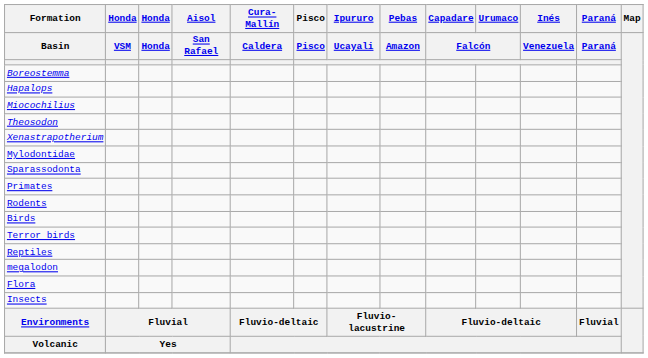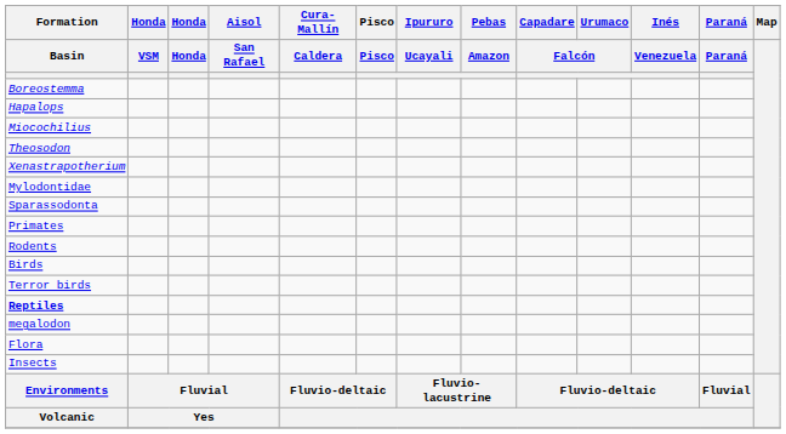 <table class="wikitable" style="font-size: 70%">
 <tr>
 <th>Formation</th>
 <th><a href='#'>Honda</a></th>
 <th><a href='#'>Honda</a></th>
 <th><a href='#'>Aisol</a></th>
 <th><a href='#'>Cura-Mallín</a></th>
 <th>Pisco</th>
 <th><a href='#'>Ipururo</a></th>
 <th><a href='#'>Pebas</a></th>
 <th><a href='#'>Capadare</a></th>
 <th><a href='#'>Urumaco</a></th>
 <th><a href='#'>Inés</a></th>
 <th><a href='#'>Paraná</a></th>
 <th>Map</th>
 </tr>
 <tr>
 <th>Basin</th>
 <th><a href='#'>VSM</a></th>
 <th><a href='#'>Honda</a></th>
 <th><a href='#'>San Rafael</a></th>
 <th><a href='#'>Caldera</a></th>
 <th><a href='#'>Pisco</a></th>
 <th><a href='#'>Ucayali</a></th>
 <th><a href='#'>Amazon</a></th>
 <th colspan=2><a href='#'>Falcón</a></th>
 <th><a href='#'>Venezuela</a></th>
 <th><a href='#'>Paraná</a></th>
 <th align=center rowspan=17></th>
 </tr>
 <tr>
 <th></th>
 <th></th>
 <th></th>
 <th></th>
 <th></th>
 <th colspan=3></th>
 <th colspan=3></th>
 <th></th>
 </tr>
 <tr>
 <td><em><a href='#'>Boreostemma</a></em></td>
 <td align=center></td>
 <td align=center></td>
 <td align=center></td>
 <td align=center></td>
 <td align=center></td>
 <td align=center></td>
 <td align=center></td>
 <td align=center></td>
 <td align=center></td>
 <td align=center></td>
 <td></td>
 </tr>
 <tr>
 <td><em><a href='#'>Hapalops</a></em></td>
 <td align=center></td>
 <td align=center></td>
 <td align=center></td>
 <td align=center></td>
 <td align=center></td>
 <td align=center></td>
 <td align=center></td>
 <td align=center></td>
 <td align=center></td>
 <td align=center></td>
 <td></td>
 </tr>
 <tr>
 <td><em><a href='#'>Miocochilius</a></em></td>
 <td align=center></td>
 <td align=center></td>
 <td align=center></td>
 <td align=center></td>
 <td align=center></td>
 <td align=center></td>
 <td align=center></td>
 <td align=center></td>
 <td align=center></td>
 <td align=center></td>
 <td></td>
 </tr>
 <tr>
 <td><em><a href='#'>Theosodon</a></em></td>
 <td align=center></td>
 <td align=center></td>
 <td align=center></td>
 <td align=center></td>
 <td align=center></td>
 <td align=center></td>
 <td align=center></td>
 <td align=center></td>
 <td align=center></td>
 <td align=center></td>
 <td></td>
 </tr>
 <tr>
 <td><em><a href='#'>Xenastrapotherium</a></em></td>
 <td align=center></td>
 <td align=center></td>
 <td align=center></td>
 <td align=center></td>
 <td align=center></td>
 <td align=center></td>
 <td align=center></td>
 <td align=center></td>
 <td align=center></td>
 <td align=center></td>
 <td></td>
 </tr>
 <tr>
 <td><a href='#'>Mylodontidae</a></td>
 <td align=center></td>
 <td align=center></td>
 <td align=center></td>
 <td align=center></td>
 <td align=center></td>
 <td align=center></td>
 <td align=center></td>
 <td align=center></td>
 <td align=center></td>
 <td align=center></td>
 <td></td>
 </tr>
 <tr>
 <td><a href='#'>Sparassodonta</a></td>
 <td align=center></td>
 <td align=center></td>
 <td align=center></td>
 <td align=center></td>
 <td align=center></td>
 <td align=center></td>
 <td align=center></td>
 <td align=center></td>
 <td align=center></td>
 <td align=center></td>
 <td></td>
 </tr>
 <tr>
 <td><a href='#'>Primates</a></td>
 <td align=center></td>
 <td align=center></td>
 <td align=center></td>
 <td align=center></td>
 <td align=center></td>
 <td align=center></td>
 <td align=center></td>
 <td align=center></td>
 <td align=center></td>
 <td align=center></td>
 <td align=center></td>
 </tr>
 <tr>
 <td><a href='#'>Rodents</a></td>
 <td align=center></td>
 <td align=center></td>
 <td align=center></td>
 <td align=center></td>
 <td align=center></td>
 <td align=center></td>
 <td align=center></td>
 <td align=center></td>
 <td align=center></td>
 <td align=center></td>
 <td align=center></td>
 </tr>
 <tr>
 <td><a href='#'>Birds</a></td>
 <td align=center></td>
 <td align=center></td>
 <td align=center></td>
 <td align=center></td>
 <td align=center></td>
 <td align=center></td>
 <td align=center></td>
 <td align=center></td>
 <td align=center></td>
 <td align=center></td>
 <td></td>
 </tr>
 <tr>
 <td><a href='#'>Terror birds</a></td>
 <td align=center></td>
 <td align=center></td>
 <td align=center></td>
 <td align=center></td>
 <td align=center></td>
 <td align=center></td>
 <td align=center></td>
 <td align=center></td>
 <td align=center></td>
 <td align=center></td>
 <td align=center></td>
 </tr>
 <tr>
-<td><a href='#'>Reptiles</a></td>
+<td><strong><a href='#'>Reptiles</a></strong></td>
 <td align=center></td>
 <td align=center></td>
 <td align=center></td>
 <td align=center></td>
 <td align=center></td>
 <td align=center></td>
 <td align=center></td>
 <td align=center></td>
 <td align=center></td>
 <td align=center></td>
 <td align=center></td>
 </tr>
 <tr>
 <td><a href='#'>megalodon</a></td>
 <td align=center></td>
 <td align=center></td>
 <td align=center></td>
 <td align=center></td>
 <td align=center></td>
 <td align=center></td>
 <td align=center></td>
 <td align=center></td>
 <td align=center></td>
 <td align=center></td>
 <td align=center></td>
 </tr>
 <tr>
 <td><a href='#'>Flora</a></td>
 <td align=center></td>
 <td align=center></td>
 <td align=center></td>
 <td align=center></td>
 <td align=center></td>
 <td align=center></td>
 <td align=center></td>
 <td align=center></td>
 <td align=center></td>
 <td align=center></td>
 <td align=center></td>
 </tr>
 <tr>
 <td><a href='#'>Insects</a></td>
 <td align=center></td>
 <td align=center></td>
 <td align=center></td>
 <td align=center></td>
 <td align=center></td>
 <td align=center></td>
 <td align=center></td>
 <td align=center></td>
 <td align=center></td>
 <td align=center></td>
 <td align=center></td>
 </tr>
 <tr>
 <th><a href='#'>Environments</a></th>
 <th colspan=3>Fluvial</th>
 <th colspan=2>Fluvio-deltaic</th>
 <th colspan=2>Fluvio-lacustrine</th>
 <th colspan=3>Fluvio-deltaic</th>
 <th>Fluvial</th>
 <th rowspan=2 align=left><br><br></th>
 </tr>
 <tr>
 <th>Volcanic</th>
 <th colspan=3>Yes</th>
 <th colspan=8></th>
 </tr>
 <tr>
 </tr>
 </table>
